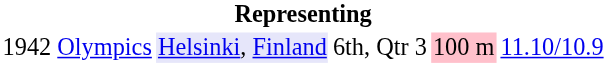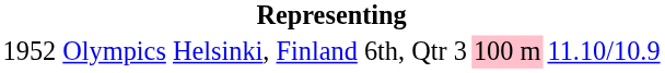 <table>
 <tr>
 <th colspan="6">Representing </th>
 </tr>
 <tr>
-<td>1942</td>
+<td>1952</td>
 <td><a href='#'>Olympics</a></td>
-<td style="background: lavender;"><a href='#'>Helsinki</a>, <a href='#'>Finland</a></td>
+<td><a href='#'>Helsinki</a>, <a href='#'>Finland</a></td>
 <td>6th, Qtr 3</td>
 <td style="background: pink;">100 m</td>
 <td><a href='#'>11.10/10.9</a></td>
 </tr>
 </table>
